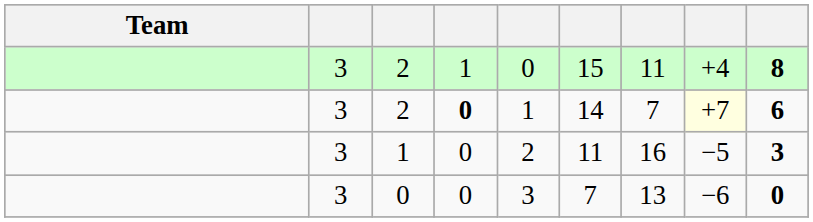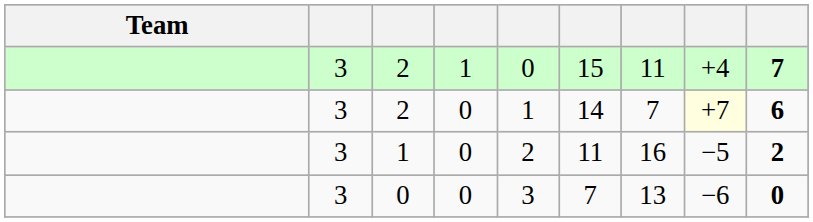 <table class="wikitable" style="text-align:center;">
 <tr>
 <th width=175>Team</th>
 <th width=30></th>
 <th width=30></th>
 <th width=30></th>
 <th width=30></th>
 <th width=30></th>
 <th width=30></th>
 <th width=30></th>
 <th width=30></th>
 </tr>
 <tr style="text-align:center; background:#cfc;">
 <td align=left></td>
 <td>3</td>
 <td>2</td>
 <td>1</td>
 <td>0</td>
 <td>15</td>
 <td>11</td>
 <td>+4</td>
-<td><strong>8</strong></td>
+<td><strong>7</strong></td>
 </tr>
 <tr>
 <td align=left></td>
 <td>3</td>
 <td>2</td>
-<td><strong>0</strong></td>
+<td>0</td>
 <td>1</td>
 <td>14</td>
 <td>7</td>
 <td style="background: lightyellow;">+7</td>
 <td><strong>6</strong></td>
 </tr>
 <tr>
 <td align=left></td>
 <td>3</td>
 <td>1</td>
 <td>0</td>
 <td>2</td>
 <td>11</td>
 <td>16</td>
 <td>−5</td>
-<td><strong>3</strong></td>
+<td><strong>2</strong></td>
 </tr>
 <tr>
 <td align=left></td>
 <td>3</td>
 <td>0</td>
 <td>0</td>
 <td>3</td>
 <td>7</td>
 <td>13</td>
 <td>−6</td>
 <td><strong>0</strong></td>
 </tr>
 </table>
